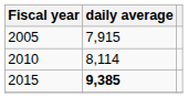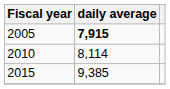 <table class="wikitable">
 <tr>
 <th>Fiscal year</th>
 <th>daily average</th>
 <th></th>
 </tr>
 <tr>
 <td>2005</td>
-<td>7,915</td>
+<td><strong>7,915</strong></td>
 <td></td>
 </tr>
 <tr>
 <td>2010</td>
 <td>8,114</td>
 <td></td>
 </tr>
 <tr>
 <td>2015</td>
-<td><strong>9,385</strong></td>
+<td>9,385</td>
 <td></td>
 </tr>
 <tr>
 </tr>
 </table>
